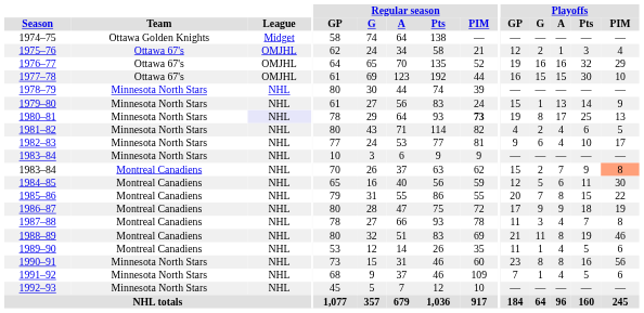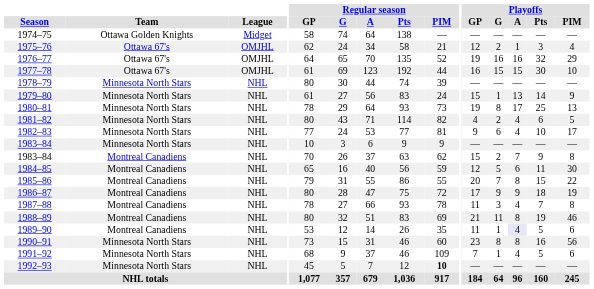 <table border="0" cellpadding="1" cellspacing="0" style="text-align:center; width:60em">
 <tr bgcolor="#e0e0e0">
 <th colspan="3" bgcolor="#ffffff"></th>
 <th rowspan="100" bgcolor="#ffffff"></th>
 <th colspan="5"><a href='#'>Regular season</a></th>
 <th rowspan="100" bgcolor="#ffffff"></th>
 <th colspan="5"><a href='#'>Playoffs</a></th>
 </tr>
 <tr bgcolor="#e0e0e0">
 <th><a href='#'>Season</a></th>
 <th>Team</th>
 <th>League</th>
 <th>GP</th>
 <th><a href='#'>G</a></th>
 <th><a href='#'>A</a></th>
 <th><a href='#'>Pts</a></th>
 <th><a href='#'>PIM</a></th>
 <th>GP</th>
 <th>G</th>
 <th>A</th>
 <th>Pts</th>
 <th>PIM</th>
 </tr>
 <tr>
 <td>1974–75</td>
 <td>Ottawa Golden Knights</td>
 <td><a href='#'>Midget</a></td>
 <td>58</td>
 <td>74</td>
 <td>64</td>
 <td>138</td>
 <td>—</td>
 <td>—</td>
 <td>—</td>
 <td>—</td>
 <td>—</td>
 <td>—</td>
 </tr>
 <tr bgcolor="#f0f0f0">
 <td><a href='#'>1975–76</a></td>
 <td><a href='#'>Ottawa 67's</a></td>
 <td><a href='#'>OMJHL</a></td>
 <td>62</td>
 <td>24</td>
 <td>34</td>
 <td>58</td>
 <td>21</td>
 <td>12</td>
 <td>2</td>
 <td>1</td>
 <td>3</td>
 <td>4</td>
 </tr>
 <tr>
 <td><a href='#'>1976–77</a></td>
 <td>Ottawa 67's</td>
 <td>OMJHL</td>
 <td>64</td>
 <td>65</td>
 <td>70</td>
 <td>135</td>
 <td>52</td>
 <td>19</td>
 <td>16</td>
 <td>16</td>
 <td>32</td>
 <td>29</td>
 </tr>
 <tr bgcolor="#f0f0f0">
 <td><a href='#'>1977–78</a></td>
 <td>Ottawa 67's</td>
 <td>OMJHL</td>
 <td>61</td>
 <td>69</td>
 <td>123</td>
 <td>192</td>
 <td>44</td>
 <td>16</td>
 <td>15</td>
 <td>15</td>
 <td>30</td>
 <td>10</td>
 </tr>
 <tr>
 <td><a href='#'>1978–79</a></td>
 <td><a href='#'>Minnesota North Stars</a></td>
 <td><a href='#'>NHL</a></td>
 <td>80</td>
 <td>30</td>
 <td>44</td>
 <td>74</td>
 <td>39</td>
 <td>—</td>
 <td>—</td>
 <td>—</td>
 <td>—</td>
 <td>—</td>
 </tr>
 <tr bgcolor="#f0f0f0">
 <td><a href='#'>1979–80</a></td>
 <td>Minnesota North Stars</td>
 <td>NHL</td>
 <td>61</td>
 <td>27</td>
 <td>56</td>
 <td>83</td>
 <td>24</td>
 <td>15</td>
 <td>1</td>
 <td>13</td>
 <td>14</td>
 <td>9</td>
 </tr>
 <tr>
 <td><a href='#'>1980–81</a></td>
 <td>Minnesota North Stars</td>
-<td style="background: lavender;">NHL</td>
+<td>NHL</td>
 <td>78</td>
 <td>29</td>
 <td>64</td>
 <td>93</td>
-<td><strong>73</strong></td>
+<td>73</td>
 <td>19</td>
 <td>8</td>
 <td>17</td>
 <td>25</td>
 <td>13</td>
 </tr>
 <tr bgcolor="#f0f0f0">
 <td><a href='#'>1981–82</a></td>
 <td>Minnesota North Stars</td>
 <td>NHL</td>
 <td>80</td>
 <td>43</td>
 <td>71</td>
 <td>114</td>
 <td>82</td>
 <td>4</td>
 <td>2</td>
 <td>4</td>
 <td>6</td>
 <td>5</td>
 </tr>
 <tr>
 <td><a href='#'>1982–83</a></td>
 <td>Minnesota North Stars</td>
 <td>NHL</td>
 <td>77</td>
 <td>24</td>
 <td>53</td>
 <td>77</td>
 <td>81</td>
 <td>9</td>
 <td>6</td>
 <td>4</td>
 <td>10</td>
 <td>17</td>
 </tr>
 <tr bgcolor="#f0f0f0">
 <td><a href='#'>1983–84</a></td>
 <td>Minnesota North Stars</td>
 <td>NHL</td>
 <td>10</td>
 <td>3</td>
 <td>6</td>
 <td>9</td>
 <td>9</td>
 <td>—</td>
 <td>—</td>
 <td>—</td>
 <td>—</td>
 <td>—</td>
 </tr>
 <tr>
 <td>1983–84</td>
 <td><a href='#'>Montreal Canadiens</a></td>
 <td>NHL</td>
 <td>70</td>
 <td>26</td>
 <td>37</td>
 <td>63</td>
 <td>62</td>
 <td>15</td>
 <td>2</td>
 <td>7</td>
 <td>9</td>
-<td style="background: lightsalmon;">8</td>
+<td>8</td>
 </tr>
 <tr bgcolor="#f0f0f0">
 <td><a href='#'>1984–85</a></td>
 <td>Montreal Canadiens</td>
 <td>NHL</td>
 <td>65</td>
 <td>16</td>
 <td>40</td>
 <td>56</td>
 <td>59</td>
 <td>12</td>
 <td>5</td>
 <td>6</td>
 <td>11</td>
 <td>30</td>
 </tr>
 <tr>
 <td><a href='#'>1985–86</a></td>
 <td>Montreal Canadiens</td>
 <td>NHL</td>
 <td>79</td>
 <td>31</td>
 <td>55</td>
 <td>86</td>
 <td>55</td>
 <td>20</td>
 <td>7</td>
 <td>8</td>
 <td>15</td>
 <td>22</td>
 </tr>
 <tr bgcolor="#f0f0f0">
 <td><a href='#'>1986–87</a></td>
 <td>Montreal Canadiens</td>
 <td>NHL</td>
 <td>80</td>
 <td>28</td>
 <td>47</td>
 <td>75</td>
 <td>72</td>
 <td>17</td>
 <td>9</td>
 <td>9</td>
 <td>18</td>
 <td>19</td>
 </tr>
 <tr>
 <td><a href='#'>1987–88</a></td>
 <td>Montreal Canadiens</td>
 <td>NHL</td>
 <td>78</td>
 <td>27</td>
 <td>66</td>
 <td>93</td>
 <td>78</td>
 <td>11</td>
 <td>3</td>
 <td>4</td>
 <td>7</td>
 <td>8</td>
 </tr>
 <tr bgcolor="#f0f0f0">
 <td><a href='#'>1988–89</a></td>
 <td>Montreal Canadiens</td>
 <td>NHL</td>
 <td>80</td>
 <td>32</td>
 <td>51</td>
 <td>83</td>
 <td>69</td>
 <td>21</td>
 <td>11</td>
 <td>8</td>
 <td>19</td>
 <td>46</td>
 </tr>
 <tr>
 <td><a href='#'>1989–90</a></td>
 <td>Montreal Canadiens</td>
 <td>NHL</td>
 <td>53</td>
 <td>12</td>
 <td>14</td>
 <td>26</td>
 <td>35</td>
 <td>11</td>
 <td>1</td>
-<td>4</td>
+<td style="background: lavender;">4</td>
 <td>5</td>
 <td>6</td>
 </tr>
 <tr bgcolor="#f0f0f0">
 <td><a href='#'>1990–91</a></td>
 <td>Minnesota North Stars</td>
 <td>NHL</td>
 <td>73</td>
 <td>15</td>
 <td>31</td>
 <td>46</td>
 <td>60</td>
 <td>23</td>
 <td>8</td>
 <td>8</td>
 <td>16</td>
 <td>56</td>
 </tr>
 <tr>
 <td><a href='#'>1991–92</a></td>
 <td>Minnesota North Stars</td>
 <td>NHL</td>
 <td>68</td>
 <td>9</td>
 <td>37</td>
 <td>46</td>
 <td>109</td>
 <td>7</td>
 <td>1</td>
 <td>4</td>
 <td>5</td>
 <td>6</td>
 </tr>
 <tr bgcolor="#f0f0f0">
 <td><a href='#'>1992–93</a></td>
 <td>Minnesota North Stars</td>
 <td>NHL</td>
 <td>45</td>
 <td>5</td>
 <td>7</td>
 <td>12</td>
-<td>10</td>
+<td><strong>10</strong></td>
 <td>—</td>
 <td>—</td>
 <td>—</td>
 <td>—</td>
 <td>—</td>
 </tr>
 <tr bgcolor="#e0e0e0">
 <th colspan="3">NHL totals</th>
 <th>1,077</th>
 <th>357</th>
 <th>679</th>
 <th>1,036</th>
 <th>917</th>
 <th>184</th>
 <th>64</th>
 <th>96</th>
 <th>160</th>
 <th>245</th>
 </tr>
 </table>
